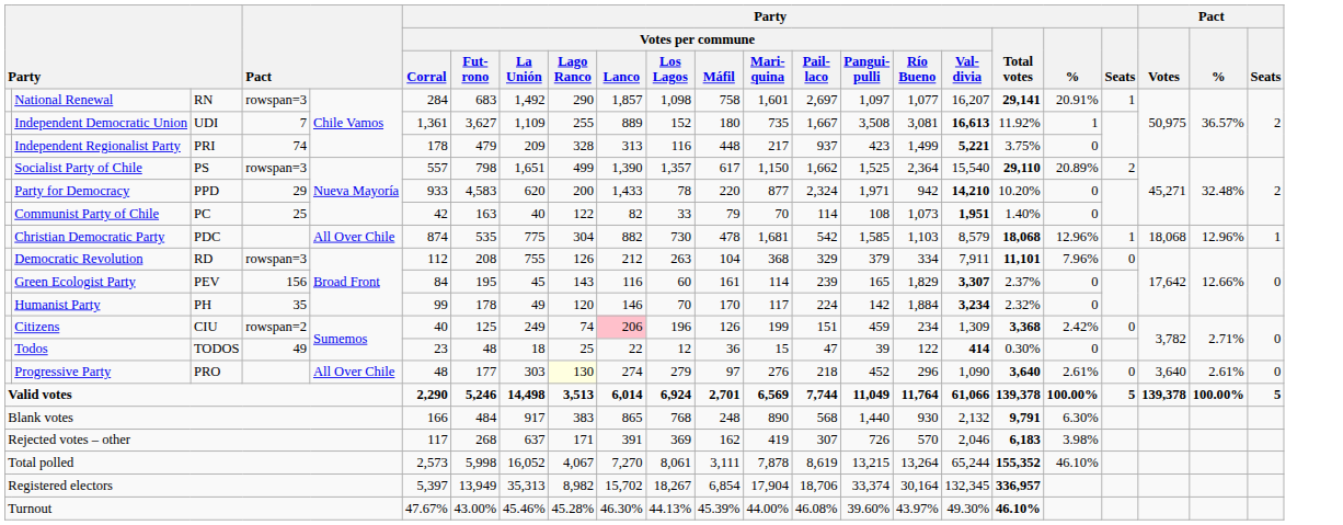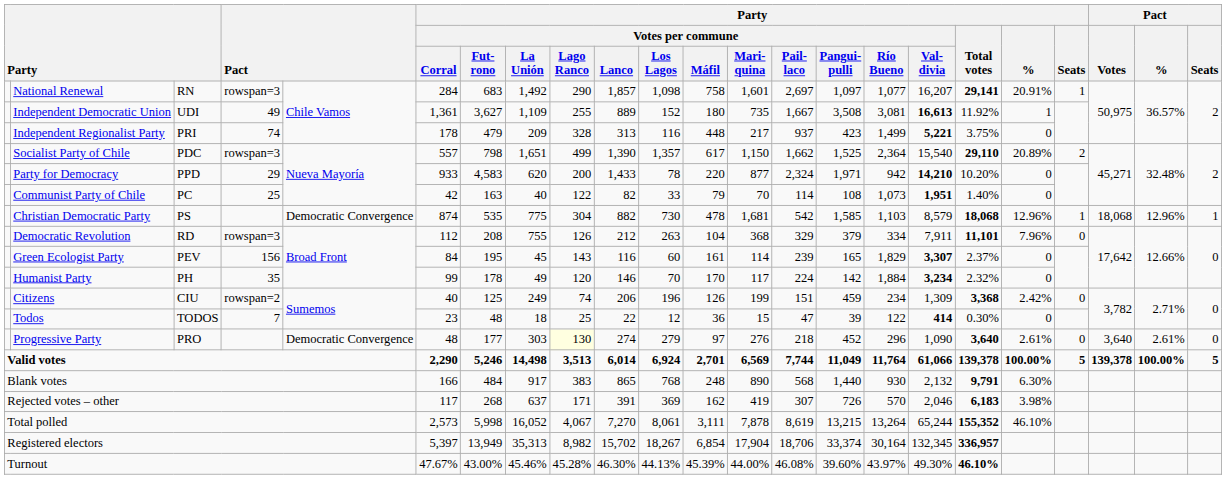 <table class="wikitable" border="1" style="font-size:90%; text-align:right; white-space: nowrap;">
 <tr>
 <th style="text-align:left;" valign=bottom rowspan=3 colspan=3>Party</th>
 <th style="text-align:left;" valign=bottom rowspan=3 colspan=2>Pact</th>
 <th colspan=15>Party</th>
 <th colspan=3>Pact</th>
 </tr>
 <tr>
 <th colspan=12>Votes per commune</th>
 <th align=center valign=bottom rowspan=2 width="40">Total<br>votes</th>
 <th align=center valign=bottom rowspan=2 width="40">%</th>
 <th align=center valign=bottom rowspan=2>Seats</th>
 <th align=center valign=bottom rowspan=2 width="40">Votes</th>
 <th align=center valign=bottom rowspan=2 width="40">%</th>
 <th align=center valign=bottom rowspan=2>Seats</th>
 </tr>
 <tr>
 <th align=center valign=bottom width="40"><a href='#'>Corral</a></th>
 <th align=center valign=bottom width="40"><a href='#'>Fut-<br>rono</a></th>
 <th align=center valign=bottom width="40"><a href='#'>La<br>Unión</a></th>
 <th align=center valign=bottom width="40"><a href='#'>Lago<br>Ranco</a></th>
 <th align=center valign=bottom width="40"><a href='#'>Lanco</a></th>
 <th align=center valign=bottom width="40"><a href='#'>Los<br>Lagos</a></th>
 <th align=center valign=bottom width="40"><a href='#'>Máfil</a></th>
 <th align=center valign=bottom width="40"><a href='#'>Mari-<br>quina</a></th>
 <th align=center valign=bottom width="40"><a href='#'>Pail-<br>laco</a></th>
 <th align=center valign=bottom width="40"><a href='#'>Pangui-<br>pulli</a></th>
 <th align=center valign=bottom width="40"><a href='#'>Río<br>Bueno</a></th>
 <th align=center valign=bottom width="40"><a href='#'>Val-<br>divia</a></th>
 </tr>
 <tr>
 <td></td>
 <td align=left><a href='#'>National Renewal</a></td>
 <td align=left>RN</td>
 <td>rowspan=3 </td>
 <td rowspan=3 align=left><a href='#'>Chile Vamos</a></td>
 <td>284</td>
 <td>683</td>
 <td>1,492</td>
 <td>290</td>
 <td>1,857</td>
 <td>1,098</td>
 <td>758</td>
 <td>1,601</td>
 <td>2,697</td>
 <td>1,097</td>
 <td>1,077</td>
 <td>16,207</td>
 <td><strong>29,141</strong></td>
 <td>20.91%</td>
 <td>1</td>
 <td rowspan=3>50,975</td>
 <td rowspan=3>36.57%</td>
 <td rowspan=3>2</td>
 </tr>
 <tr>
 <td></td>
 <td align=left><a href='#'>Independent Democratic Union</a></td>
 <td align=left>UDI</td>
-<td>7</td>
+<td>49</td>
 <td>1,361</td>
 <td>3,627</td>
 <td>1,109</td>
 <td>255</td>
 <td>889</td>
 <td>152</td>
 <td>180</td>
 <td>735</td>
 <td>1,667</td>
 <td>3,508</td>
 <td>3,081</td>
 <td><strong>16,613</strong></td>
 <td>11.92%</td>
 <td>1</td>
 </tr>
 <tr>
 <td></td>
 <td align=left><a href='#'>Independent Regionalist Party</a></td>
 <td align=left>PRI</td>
 <td>74</td>
 <td>178</td>
 <td>479</td>
 <td>209</td>
 <td>328</td>
 <td>313</td>
 <td>116</td>
 <td>448</td>
 <td>217</td>
 <td>937</td>
 <td>423</td>
 <td>1,499</td>
 <td><strong>5,221</strong></td>
 <td>3.75%</td>
 <td>0</td>
 </tr>
 <tr>
 <td></td>
 <td align=left><a href='#'>Socialist Party of Chile</a></td>
-<td align=left>PS</td>
+<td align=left>PDC</td>
 <td>rowspan=3 </td>
 <td rowspan=3 align=left><a href='#'>Nueva Mayoría</a></td>
 <td>557</td>
 <td>798</td>
 <td>1,651</td>
 <td>499</td>
 <td>1,390</td>
 <td>1,357</td>
 <td>617</td>
 <td>1,150</td>
 <td>1,662</td>
 <td>1,525</td>
 <td>2,364</td>
 <td>15,540</td>
 <td><strong>29,110</strong></td>
 <td>20.89%</td>
 <td>2</td>
 <td rowspan=3>45,271</td>
 <td rowspan=3>32.48%</td>
 <td rowspan=3>2</td>
 </tr>
 <tr>
 <td></td>
 <td align=left><a href='#'>Party for Democracy</a></td>
 <td align=left>PPD</td>
 <td>29</td>
 <td>933</td>
 <td>4,583</td>
 <td>620</td>
 <td>200</td>
 <td>1,433</td>
 <td>78</td>
 <td>220</td>
 <td>877</td>
 <td>2,324</td>
 <td>1,971</td>
 <td>942</td>
 <td><strong>14,210</strong></td>
 <td>10.20%</td>
 <td>0</td>
 </tr>
 <tr>
 <td></td>
 <td align=left><a href='#'>Communist Party of Chile</a></td>
 <td align=left>PC</td>
 <td>25</td>
 <td>42</td>
 <td>163</td>
 <td>40</td>
 <td>122</td>
 <td>82</td>
 <td>33</td>
 <td>79</td>
 <td>70</td>
 <td>114</td>
 <td>108</td>
 <td>1,073</td>
 <td><strong>1,951</strong></td>
 <td>1.40%</td>
 <td>0</td>
 </tr>
 <tr>
 <td></td>
 <td align=left><a href='#'>Christian Democratic Party</a></td>
-<td align=left>PDC</td>
+<td align=left>PS</td>
 <td></td>
-<td align=left><a href='#'>All Over Chile</a></td>
+<td align=left>Democratic Convergence</td>
 <td>874</td>
 <td>535</td>
 <td>775</td>
 <td>304</td>
 <td>882</td>
 <td>730</td>
 <td>478</td>
 <td>1,681</td>
 <td>542</td>
 <td>1,585</td>
 <td>1,103</td>
 <td>8,579</td>
 <td><strong>18,068</strong></td>
 <td>12.96%</td>
 <td>1</td>
 <td>18,068</td>
 <td>12.96%</td>
 <td>1</td>
 </tr>
 <tr>
 <td></td>
 <td align=left><a href='#'>Democratic Revolution</a></td>
 <td align=left>RD</td>
 <td>rowspan=3 </td>
 <td rowspan=3 align=left><a href='#'>Broad Front</a></td>
 <td>112</td>
 <td>208</td>
 <td>755</td>
 <td>126</td>
 <td>212</td>
 <td>263</td>
 <td>104</td>
 <td>368</td>
 <td>329</td>
 <td>379</td>
 <td>334</td>
 <td>7,911</td>
 <td><strong>11,101</strong></td>
 <td>7.96%</td>
 <td>0</td>
 <td rowspan=3>17,642</td>
 <td rowspan=3>12.66%</td>
 <td rowspan=3>0</td>
 </tr>
 <tr>
 <td></td>
 <td align=left><a href='#'>Green Ecologist Party</a></td>
 <td align=left>PEV</td>
 <td>156</td>
 <td>84</td>
 <td>195</td>
 <td>45</td>
 <td>143</td>
 <td>116</td>
 <td>60</td>
 <td>161</td>
 <td>114</td>
 <td>239</td>
 <td>165</td>
 <td>1,829</td>
 <td><strong>3,307</strong></td>
 <td>2.37%</td>
 <td>0</td>
 </tr>
 <tr>
 <td></td>
 <td align=left><a href='#'>Humanist Party</a></td>
 <td align=left>PH</td>
 <td>35</td>
 <td>99</td>
 <td>178</td>
 <td>49</td>
 <td>120</td>
 <td>146</td>
 <td>70</td>
 <td>170</td>
 <td>117</td>
 <td>224</td>
 <td>142</td>
 <td>1,884</td>
 <td><strong>3,234</strong></td>
 <td>2.32%</td>
 <td>0</td>
 </tr>
 <tr>
 <td></td>
 <td align=left><a href='#'>Citizens</a></td>
 <td align=left>CIU</td>
 <td>rowspan=2 </td>
 <td rowspan=2 align=left><a href='#'>Sumemos</a></td>
 <td>40</td>
 <td>125</td>
 <td>249</td>
 <td>74</td>
-<td style="background: pink;">206</td>
+<td>206</td>
 <td>196</td>
 <td>126</td>
 <td>199</td>
 <td>151</td>
 <td>459</td>
 <td>234</td>
 <td>1,309</td>
 <td><strong>3,368</strong></td>
 <td>2.42%</td>
 <td>0</td>
 <td rowspan=2>3,782</td>
 <td rowspan=2>2.71%</td>
 <td rowspan=2>0</td>
 </tr>
 <tr>
 <td></td>
 <td align=left><a href='#'>Todos</a></td>
 <td align=left>TODOS</td>
-<td>49</td>
+<td>7</td>
 <td>23</td>
 <td>48</td>
 <td>18</td>
 <td>25</td>
 <td>22</td>
 <td>12</td>
 <td>36</td>
 <td>15</td>
 <td>47</td>
 <td>39</td>
 <td>122</td>
 <td><strong>414</strong></td>
 <td>0.30%</td>
 <td>0</td>
 </tr>
 <tr>
 <td></td>
 <td align=left><a href='#'>Progressive Party</a></td>
 <td align=left>PRO</td>
 <td></td>
-<td align=left><a href='#'>All Over Chile</a></td>
+<td align=left>Democratic Convergence</td>
 <td>48</td>
 <td>177</td>
 <td>303</td>
 <td style="background: lightyellow;">130</td>
 <td>274</td>
 <td>279</td>
 <td>97</td>
 <td>276</td>
 <td>218</td>
 <td>452</td>
 <td>296</td>
 <td>1,090</td>
 <td><strong>3,640</strong></td>
 <td>2.61%</td>
 <td>0</td>
 <td>3,640</td>
 <td>2.61%</td>
 <td>0</td>
 </tr>
 <tr style="font-weight:bold">
 <td align=left colspan=5>Valid votes</td>
 <td>2,290</td>
 <td>5,246</td>
 <td>14,498</td>
 <td>3,513</td>
 <td>6,014</td>
 <td>6,924</td>
 <td>2,701</td>
 <td>6,569</td>
 <td>7,744</td>
 <td>11,049</td>
 <td>11,764</td>
 <td>61,066</td>
 <td>139,378</td>
 <td>100.00%</td>
 <td>5</td>
 <td>139,378</td>
 <td>100.00%</td>
 <td>5</td>
 </tr>
 <tr>
 <td align=left colspan=5>Blank votes</td>
 <td>166</td>
 <td>484</td>
 <td>917</td>
 <td>383</td>
 <td>865</td>
 <td>768</td>
 <td>248</td>
 <td>890</td>
 <td>568</td>
 <td>1,440</td>
 <td>930</td>
 <td>2,132</td>
 <td><strong>9,791</strong></td>
 <td>6.30%</td>
 <td></td>
 <td></td>
 <td></td>
 <td></td>
 </tr>
 <tr>
 <td align=left colspan=5>Rejected votes – other</td>
 <td>117</td>
 <td>268</td>
 <td>637</td>
 <td>171</td>
 <td>391</td>
 <td>369</td>
 <td>162</td>
 <td>419</td>
 <td>307</td>
 <td>726</td>
 <td>570</td>
 <td>2,046</td>
 <td><strong>6,183</strong></td>
 <td>3.98%</td>
 <td></td>
 <td></td>
 <td></td>
 <td></td>
 </tr>
 <tr>
 <td align=left colspan=5>Total polled</td>
 <td>2,573</td>
 <td>5,998</td>
 <td>16,052</td>
 <td>4,067</td>
 <td>7,270</td>
 <td>8,061</td>
 <td>3,111</td>
 <td>7,878</td>
 <td>8,619</td>
 <td>13,215</td>
 <td>13,264</td>
 <td>65,244</td>
 <td><strong>155,352</strong></td>
 <td>46.10%</td>
 <td></td>
 <td></td>
 <td></td>
 <td></td>
 </tr>
 <tr>
 <td align=left colspan=5>Registered electors</td>
 <td>5,397</td>
 <td>13,949</td>
 <td>35,313</td>
 <td>8,982</td>
 <td>15,702</td>
 <td>18,267</td>
 <td>6,854</td>
 <td>17,904</td>
 <td>18,706</td>
 <td>33,374</td>
 <td>30,164</td>
 <td>132,345</td>
 <td><strong>336,957</strong></td>
 <td></td>
 <td></td>
 <td></td>
 <td></td>
 <td></td>
 </tr>
 <tr>
 <td align=left colspan=5>Turnout</td>
 <td>47.67%</td>
 <td>43.00%</td>
 <td>45.46%</td>
 <td>45.28%</td>
 <td>46.30%</td>
 <td>44.13%</td>
 <td>45.39%</td>
 <td>44.00%</td>
 <td>46.08%</td>
 <td>39.60%</td>
 <td>43.97%</td>
 <td>49.30%</td>
 <td><strong>46.10%</strong></td>
 <td></td>
 <td></td>
 <td></td>
 <td></td>
 <td></td>
 </tr>
 </table>
